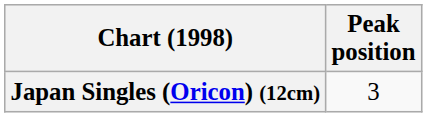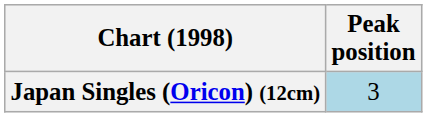 <table class="wikitable plainrowheaders" style="text-align:center">
 <tr>
 <th scope="col">Chart (1998)</th>
 <th scope="col">Peak<br>position</th>
 </tr>
 <tr>
 <th scope="row">Japan Singles (<a href='#'>Oricon</a>) <small>(12cm)</small></th>
-<td>3</td>
+<td style="background: lightblue;">3</td>
 </tr>
 </table>
